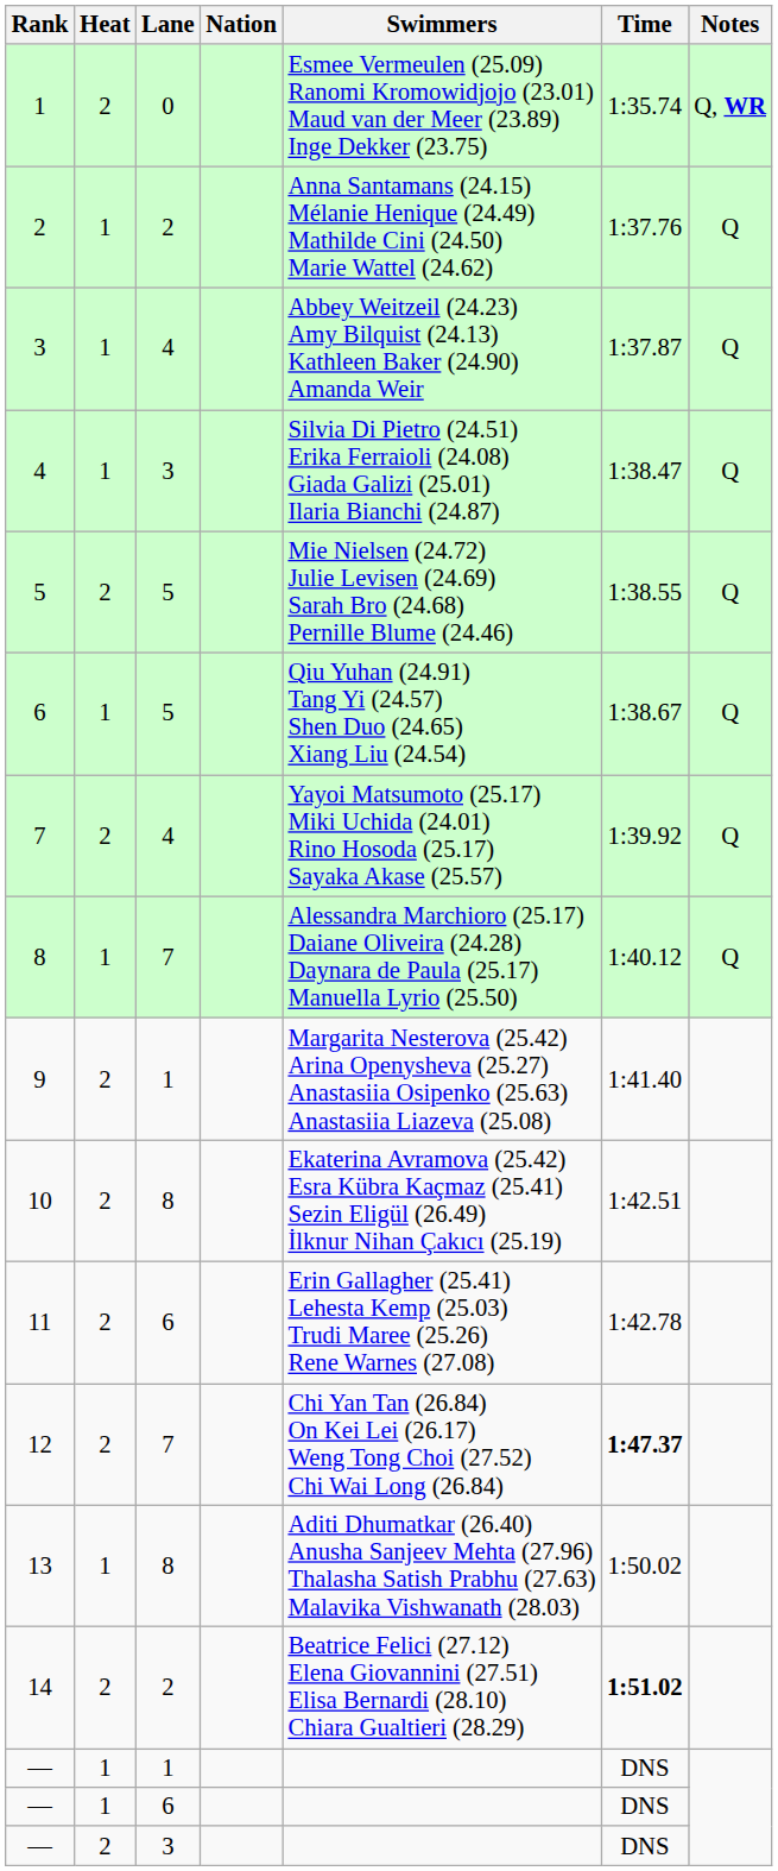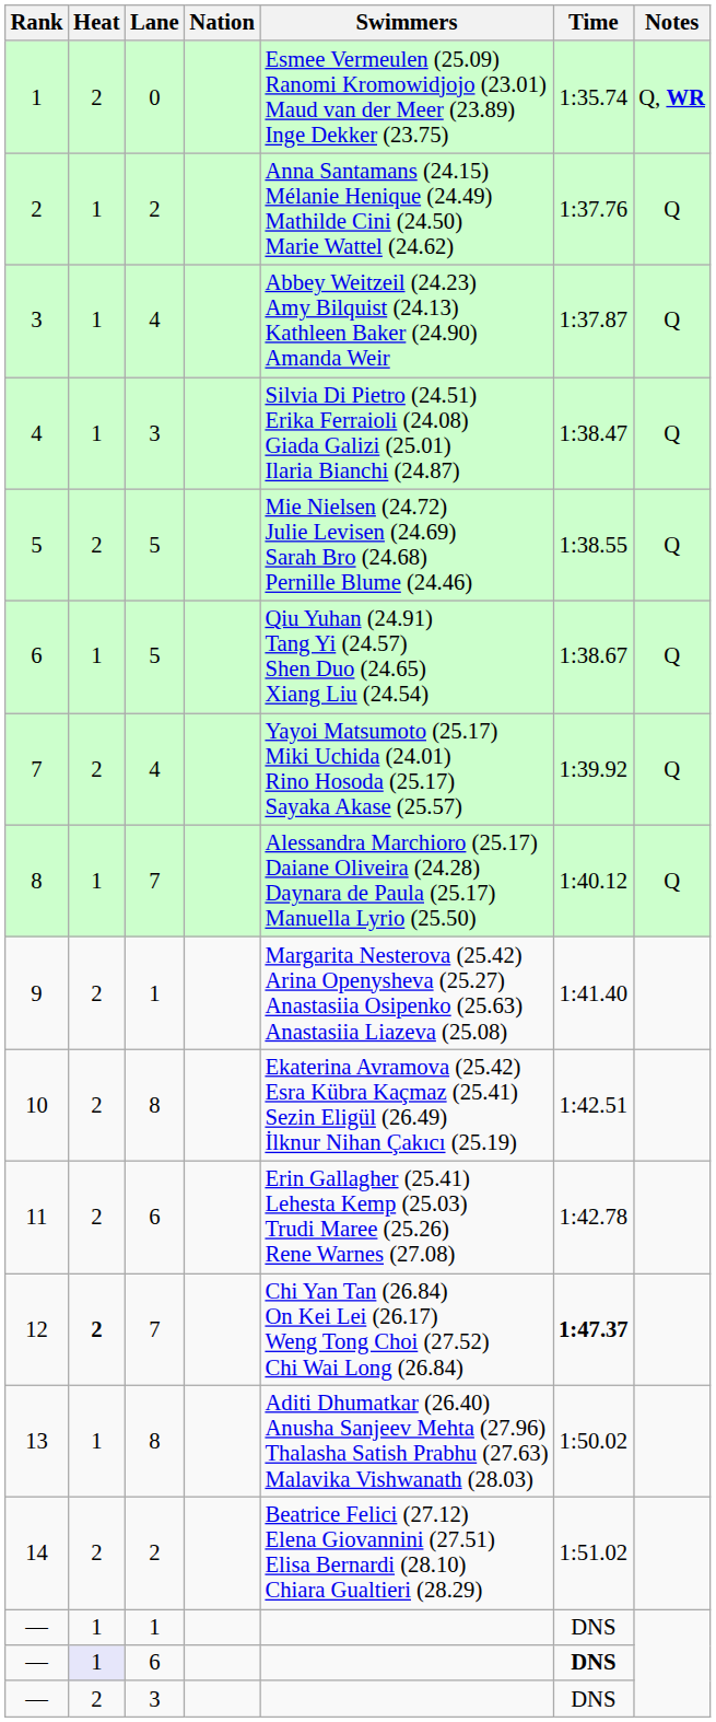 <table class="wikitable sortable" style="text-align:center">
 <tr>
 <th>Rank</th>
 <th>Heat</th>
 <th>Lane</th>
 <th>Nation</th>
 <th>Swimmers</th>
 <th>Time</th>
 <th>Notes</th>
 </tr>
 <tr bgcolor=ccffcc>
 <td>1</td>
 <td>2</td>
 <td>0</td>
 <td align=left></td>
 <td align=left><a href='#'>Esmee Vermeulen</a> (25.09) <br><a href='#'>Ranomi Kromowidjojo</a> (23.01) <br><a href='#'>Maud van der Meer</a> (23.89) <br><a href='#'>Inge Dekker</a> (23.75)</td>
 <td>1:35.74</td>
 <td>Q, <strong><a href='#'>WR</a></strong></td>
 </tr>
 <tr bgcolor=ccffcc>
 <td>2</td>
 <td>1</td>
 <td>2</td>
 <td align=left></td>
 <td align=left><a href='#'>Anna Santamans</a> (24.15) <br><a href='#'>Mélanie Henique</a> (24.49) <br><a href='#'>Mathilde Cini</a> (24.50) <br><a href='#'>Marie Wattel</a> (24.62)</td>
 <td>1:37.76</td>
 <td>Q</td>
 </tr>
 <tr bgcolor=ccffcc>
 <td>3</td>
 <td>1</td>
 <td>4</td>
 <td align=left></td>
 <td align=left><a href='#'>Abbey Weitzeil</a>  (24.23) <br><a href='#'>Amy Bilquist</a> (24.13) <br><a href='#'>Kathleen Baker</a> (24.90) <br><a href='#'>Amanda Weir</a></td>
 <td>1:37.87</td>
 <td>Q</td>
 </tr>
 <tr bgcolor=ccffcc>
 <td>4</td>
 <td>1</td>
 <td>3</td>
 <td align=left></td>
 <td align=left><a href='#'>Silvia Di Pietro</a> (24.51) <br><a href='#'>Erika Ferraioli</a> (24.08) <br><a href='#'>Giada Galizi</a> (25.01) <br><a href='#'>Ilaria Bianchi</a> (24.87)</td>
 <td>1:38.47</td>
 <td>Q</td>
 </tr>
 <tr bgcolor=ccffcc>
 <td>5</td>
 <td>2</td>
 <td>5</td>
 <td align=left></td>
 <td align=left><a href='#'>Mie Nielsen</a> (24.72)<br><a href='#'>Julie Levisen</a> (24.69)<br><a href='#'>Sarah Bro</a> (24.68)<br><a href='#'>Pernille Blume</a> (24.46)</td>
 <td>1:38.55</td>
 <td>Q</td>
 </tr>
 <tr bgcolor=ccffcc>
 <td>6</td>
 <td>1</td>
 <td>5</td>
 <td align=left></td>
 <td align=left><a href='#'>Qiu Yuhan</a> (24.91)<br><a href='#'>Tang Yi</a> (24.57)<br><a href='#'>Shen Duo</a> (24.65)<br><a href='#'>Xiang Liu</a> (24.54)</td>
 <td>1:38.67</td>
 <td>Q</td>
 </tr>
 <tr bgcolor=ccffcc>
 <td>7</td>
 <td>2</td>
 <td>4</td>
 <td align=left></td>
 <td align=left><a href='#'>Yayoi Matsumoto</a> (25.17)<br><a href='#'>Miki Uchida</a> (24.01)<br><a href='#'>Rino Hosoda</a> (25.17) <br><a href='#'>Sayaka Akase</a> (25.57)</td>
 <td>1:39.92</td>
 <td>Q</td>
 </tr>
 <tr bgcolor=ccffcc>
 <td>8</td>
 <td>1</td>
 <td>7</td>
 <td align=left></td>
 <td align=left><a href='#'>Alessandra Marchioro</a> (25.17)<br><a href='#'>Daiane Oliveira</a> (24.28)<br> <a href='#'>Daynara de Paula</a> (25.17)<br><a href='#'>Manuella Lyrio</a> (25.50)</td>
 <td>1:40.12</td>
 <td>Q</td>
 </tr>
 <tr>
 <td>9</td>
 <td>2</td>
 <td>1</td>
 <td align=left></td>
 <td align=left><a href='#'>Margarita Nesterova</a> (25.42)<br> <a href='#'>Arina Openysheva</a> (25.27)<br><a href='#'>Anastasiia Osipenko</a> (25.63) <br><a href='#'>Anastasiia Liazeva</a> (25.08)</td>
 <td>1:41.40</td>
 <td></td>
 </tr>
 <tr>
 <td>10</td>
 <td>2</td>
 <td>8</td>
 <td align=left></td>
 <td align=left><a href='#'>Ekaterina Avramova</a>  (25.42) <br><a href='#'>Esra Kübra Kaçmaz</a> (25.41) <br><a href='#'>Sezin Eligül</a> (26.49) <br><a href='#'>İlknur Nihan Çakıcı</a> (25.19)</td>
 <td>1:42.51</td>
 <td></td>
 </tr>
 <tr>
 <td>11</td>
 <td>2</td>
 <td>6</td>
 <td align=left></td>
 <td align=left><a href='#'>Erin Gallagher</a>  (25.41) <br><a href='#'>Lehesta Kemp</a> (25.03) <br><a href='#'>Trudi Maree</a> (25.26) <br><a href='#'>Rene Warnes</a> (27.08)</td>
 <td>1:42.78</td>
 <td></td>
 </tr>
 <tr>
 <td>12</td>
-<td>2</td>
+<td><strong>2</strong></td>
 <td>7</td>
 <td align=left></td>
 <td align=left><a href='#'>Chi Yan Tan</a>  (26.84) <br><a href='#'>On Kei Lei</a> (26.17) <br><a href='#'>Weng Tong Choi</a> (27.52) <br><a href='#'>Chi Wai Long</a> (26.84)</td>
 <td><strong>1:47.37</strong></td>
 <td></td>
 </tr>
 <tr>
 <td>13</td>
 <td>1</td>
 <td>8</td>
 <td align=left></td>
 <td align=left><a href='#'>Aditi Dhumatkar</a>  (26.40) <br><a href='#'>Anusha Sanjeev Mehta</a> (27.96) <br><a href='#'>Thalasha Satish Prabhu</a> (27.63) <br><a href='#'>Malavika Vishwanath</a> (28.03)</td>
 <td>1:50.02</td>
 <td></td>
 </tr>
 <tr>
 <td>14</td>
 <td>2</td>
 <td>2</td>
 <td align=left></td>
 <td align=left><a href='#'>Beatrice Felici</a>  (27.12) <br><a href='#'>Elena Giovannini</a> (27.51) <br><a href='#'>Elisa Bernardi</a> (28.10) <br><a href='#'>Chiara Gualtieri</a> (28.29)</td>
-<td><strong>1:51.02</strong></td>
+<td>1:51.02</td>
 <td></td>
 </tr>
 <tr>
 <td>—</td>
 <td>1</td>
 <td>1</td>
 <td align=left></td>
 <td></td>
 <td>DNS</td>
 </tr>
 <tr>
 <td>—</td>
-<td>1</td>
+<td style="background: lavender;">1</td>
 <td>6</td>
 <td align=left></td>
 <td></td>
-<td>DNS</td>
+<td><strong>DNS</strong></td>
 </tr>
 <tr>
 <td>—</td>
 <td>2</td>
 <td>3</td>
 <td align=left></td>
 <td></td>
 <td>DNS</td>
 </tr>
 </table>
